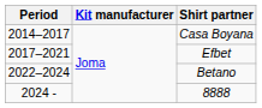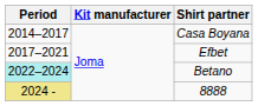 <table class="wikitable" style="text-align: center">
 <tr>
 <th>Period</th>
 <th><a href='#'>Kit</a> manufacturer</th>
 <th>Shirt partner</th>
 </tr>
 <tr>
 <td>2014–2017</td>
 <td style="text-align:Left;" rowspan="4"> <a href='#'>Joma</a></td>
 <td><em>Casa Boyana</em></td>
 </tr>
 <tr>
 <td>2017–2021</td>
 <td><em>Efbet</em></td>
 </tr>
 <tr>
-<td>2022–2024</td>
+<td style="background: paleturquoise;">2022–2024</td>
 <td><em>Betano</em></td>
 </tr>
 <tr>
-<td>2024 -</td>
+<td style="background: khaki;">2024 -</td>
 <td><em>8888</em></td>
 </tr>
 </table>
